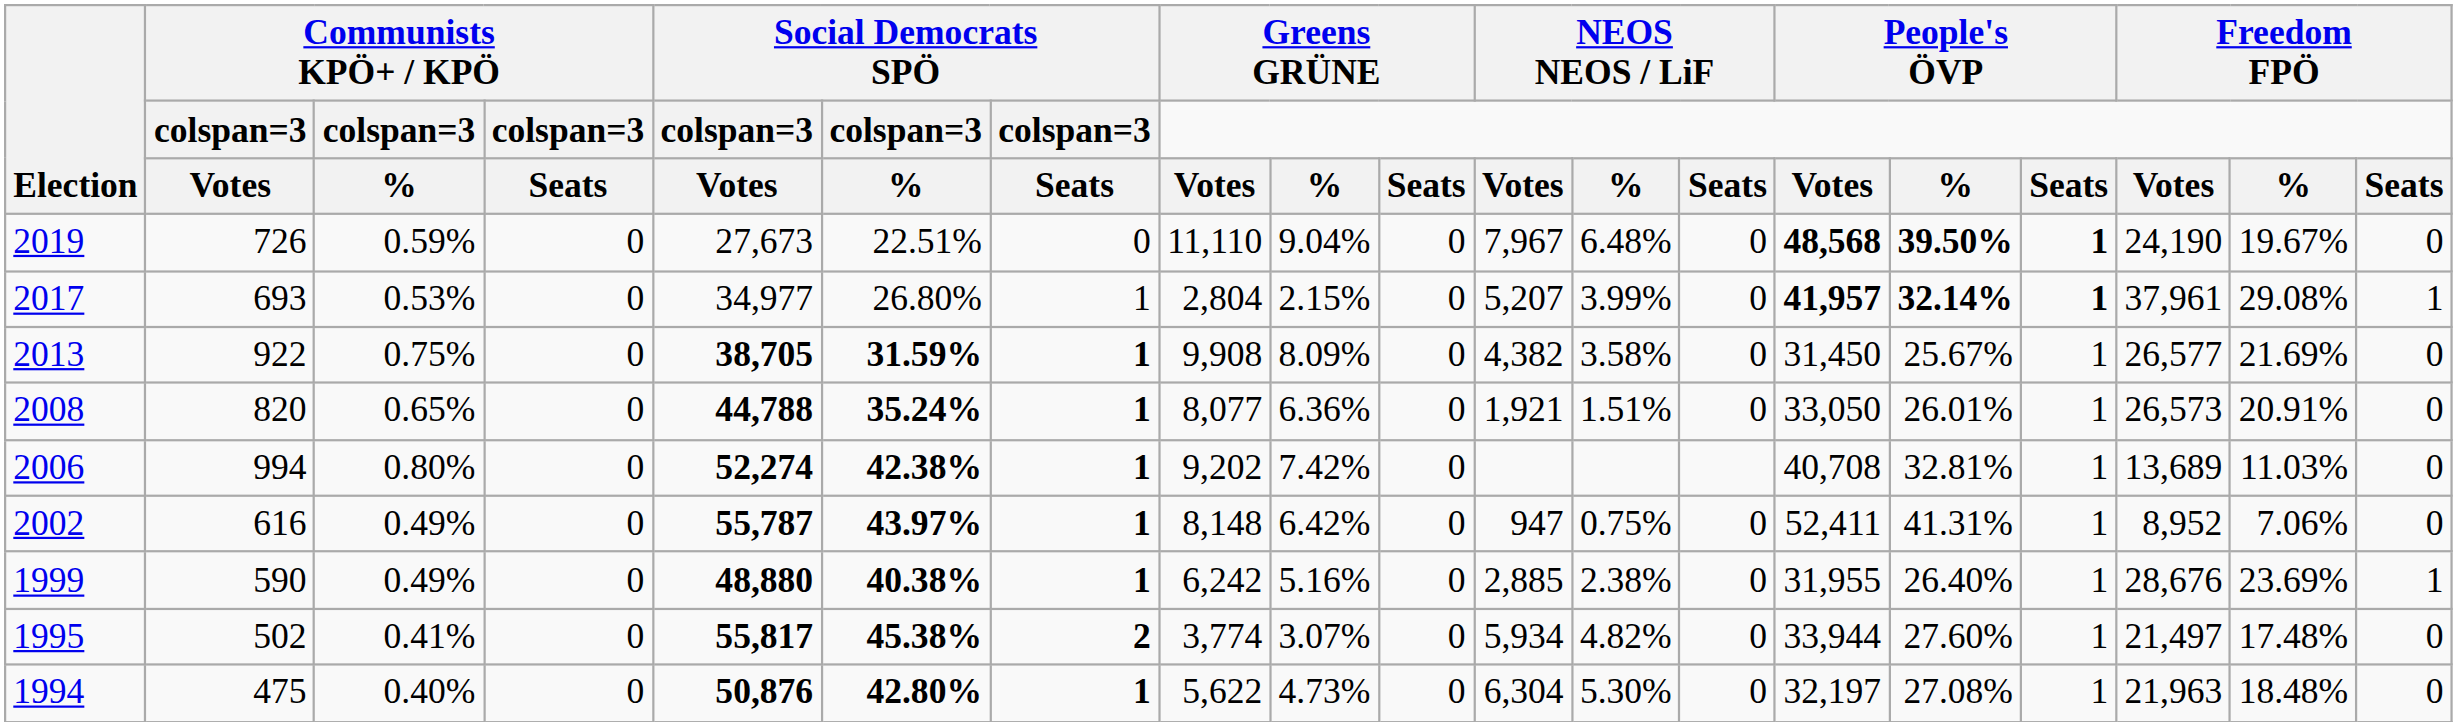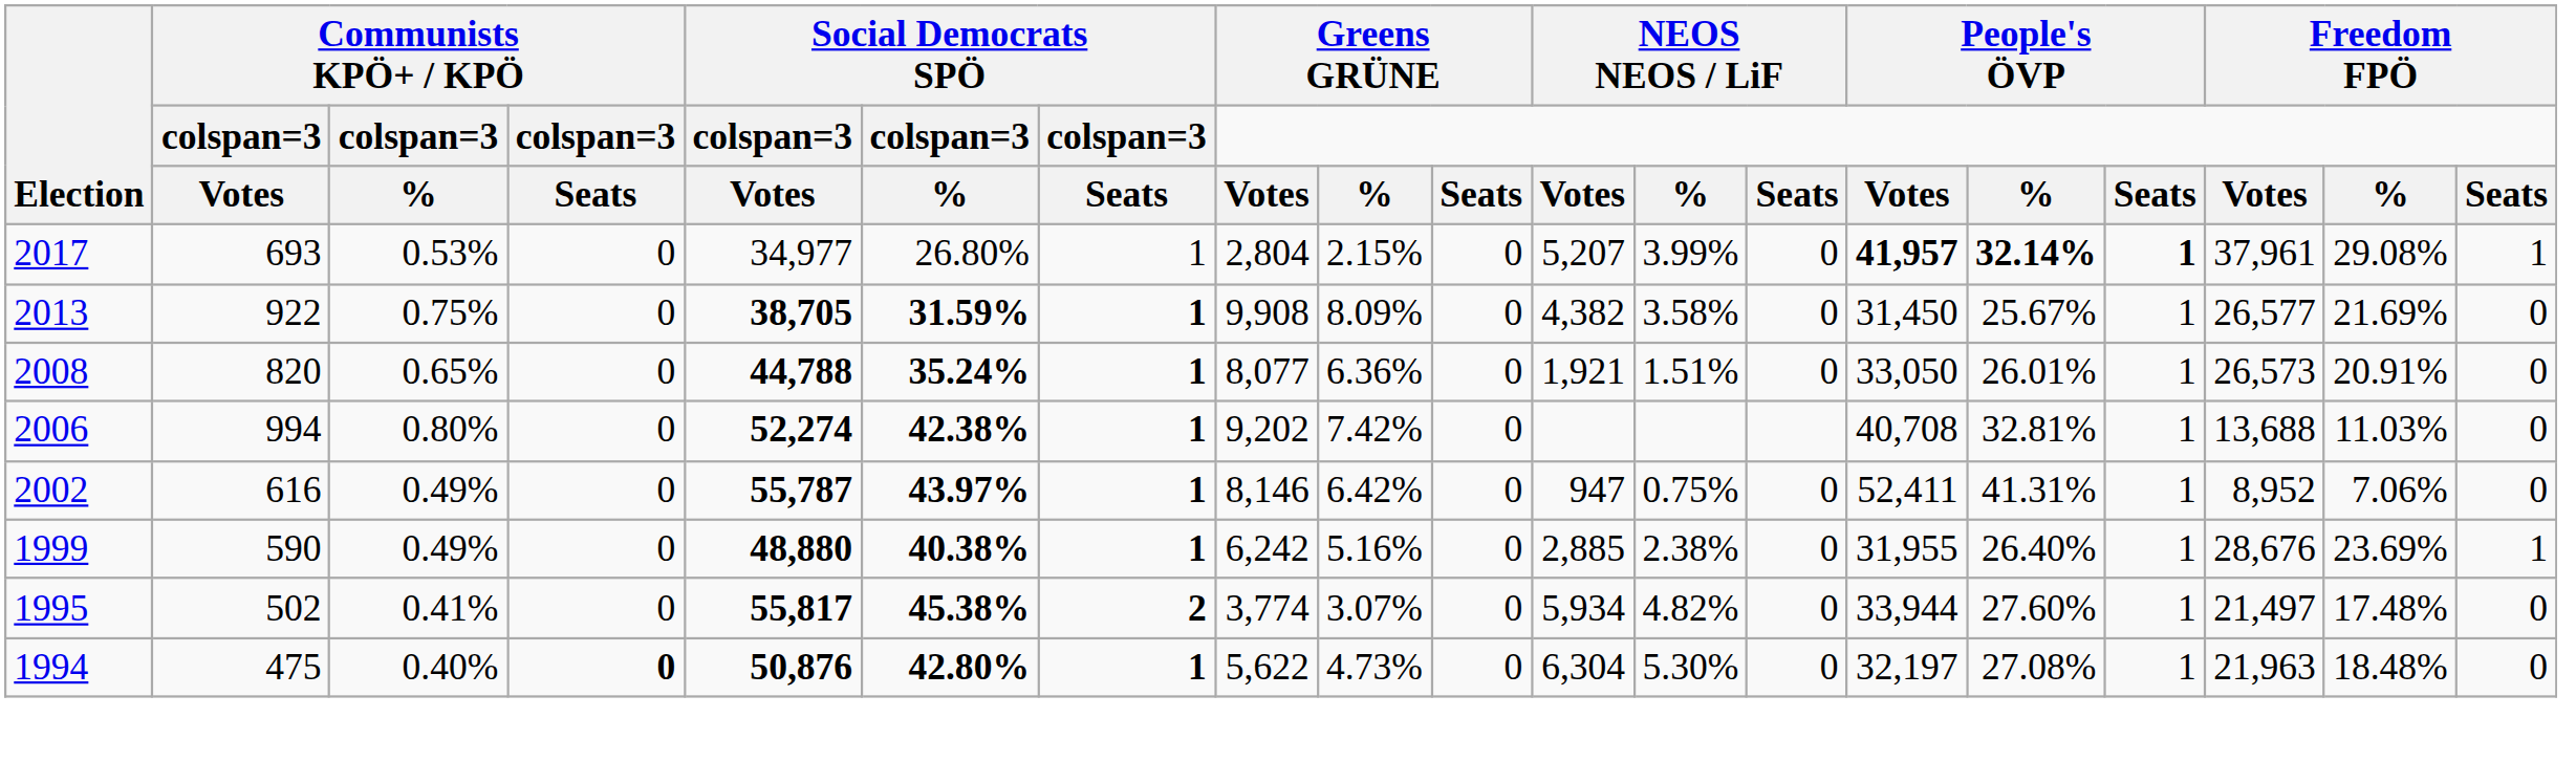 <table class="wikitable" border="1" style="font-size:100%; text-align:right;">
 <tr>
 <th style="text-align:left;" valign=bottom rowspan=3>Election</th>
 <th valign=bottom colspan=3><a href='#'>Communists</a><br>KPÖ+ / KPÖ</th>
 <th valign=bottom colspan=3><a href='#'>Social Democrats</a><br>SPÖ</th>
 <th valign=bottom colspan=3><a href='#'>Greens</a><br>GRÜNE</th>
 <th valign=bottom colspan=3><a href='#'>NEOS</a><br>NEOS / LiF</th>
 <th valign=bottom colspan=3><a href='#'>People's</a><br>ÖVP</th>
 <th valign=bottom colspan=3><a href='#'>Freedom</a><br>FPÖ</th>
 </tr>
 <tr>
 <th>colspan=3 </th>
 <th>colspan=3 </th>
 <th>colspan=3 </th>
 <th>colspan=3 </th>
 <th>colspan=3 </th>
 <th>colspan=3 </th>
 </tr>
 <tr>
 <th>Votes</th>
 <th>%</th>
 <th>Seats</th>
 <th>Votes</th>
 <th>%</th>
 <th>Seats</th>
 <th>Votes</th>
 <th>%</th>
 <th>Seats</th>
 <th>Votes</th>
 <th>%</th>
 <th>Seats</th>
 <th>Votes</th>
 <th>%</th>
 <th>Seats</th>
 <th>Votes</th>
 <th>%</th>
 <th>Seats</th>
-</tr>
-<tr>
-<td align=left><a href='#'>2019</a></td>
-<td>726</td>
-<td>0.59%</td>
-<td>0</td>
-<td>27,673</td>
-<td>22.51%</td>
-<td>0</td>
-<td>11,110</td>
-<td>9.04%</td>
-<td>0</td>
-<td>7,967</td>
-<td>6.48%</td>
-<td>0</td>
-<td><strong>48,568</strong></td>
-<td><strong>39.50%</strong></td>
-<td><strong>1</strong></td>
-<td>24,190</td>
-<td>19.67%</td>
-<td>0</td>
 </tr>
 <tr>
 <td align=left><a href='#'>2017</a></td>
 <td>693</td>
 <td>0.53%</td>
 <td>0</td>
 <td>34,977</td>
 <td>26.80%</td>
 <td>1</td>
 <td>2,804</td>
 <td>2.15%</td>
 <td>0</td>
 <td>5,207</td>
 <td>3.99%</td>
 <td>0</td>
 <td><strong>41,957</strong></td>
 <td><strong>32.14%</strong></td>
 <td><strong>1</strong></td>
 <td>37,961</td>
 <td>29.08%</td>
 <td>1</td>
 </tr>
 <tr>
 <td align=left><a href='#'>2013</a></td>
 <td>922</td>
 <td>0.75%</td>
 <td>0</td>
 <td><strong>38,705</strong></td>
 <td><strong>31.59%</strong></td>
 <td><strong>1</strong></td>
 <td>9,908</td>
 <td>8.09%</td>
 <td>0</td>
 <td>4,382</td>
 <td>3.58%</td>
 <td>0</td>
 <td>31,450</td>
 <td>25.67%</td>
 <td>1</td>
 <td>26,577</td>
 <td>21.69%</td>
 <td>0</td>
 </tr>
 <tr>
 <td align=left><a href='#'>2008</a></td>
 <td>820</td>
 <td>0.65%</td>
 <td>0</td>
 <td><strong>44,788</strong></td>
 <td><strong>35.24%</strong></td>
 <td><strong>1</strong></td>
 <td>8,077</td>
 <td>6.36%</td>
 <td>0</td>
 <td>1,921</td>
 <td>1.51%</td>
 <td>0</td>
 <td>33,050</td>
 <td>26.01%</td>
 <td>1</td>
 <td>26,573</td>
 <td>20.91%</td>
 <td>0</td>
 </tr>
 <tr>
 <td align=left><a href='#'>2006</a></td>
 <td>994</td>
 <td>0.80%</td>
 <td>0</td>
 <td><strong>52,274</strong></td>
 <td><strong>42.38%</strong></td>
 <td><strong>1</strong></td>
 <td>9,202</td>
 <td>7.42%</td>
 <td>0</td>
 <td></td>
 <td></td>
 <td></td>
 <td>40,708</td>
 <td>32.81%</td>
 <td>1</td>
-<td>13,689</td>
+<td>13,688</td>
 <td>11.03%</td>
 <td>0</td>
 </tr>
 <tr>
 <td align=left><a href='#'>2002</a></td>
 <td>616</td>
 <td>0.49%</td>
 <td>0</td>
 <td><strong>55,787</strong></td>
 <td><strong>43.97%</strong></td>
 <td><strong>1</strong></td>
-<td>8,148</td>
+<td>8,146</td>
 <td>6.42%</td>
 <td>0</td>
 <td>947</td>
 <td>0.75%</td>
 <td>0</td>
 <td>52,411</td>
 <td>41.31%</td>
 <td>1</td>
 <td>8,952</td>
 <td>7.06%</td>
 <td>0</td>
 </tr>
 <tr>
 <td align=left><a href='#'>1999</a></td>
 <td>590</td>
 <td>0.49%</td>
 <td>0</td>
 <td><strong>48,880</strong></td>
 <td><strong>40.38%</strong></td>
 <td><strong>1</strong></td>
 <td>6,242</td>
 <td>5.16%</td>
 <td>0</td>
 <td>2,885</td>
 <td>2.38%</td>
 <td>0</td>
 <td>31,955</td>
 <td>26.40%</td>
 <td>1</td>
 <td>28,676</td>
 <td>23.69%</td>
 <td>1</td>
 </tr>
 <tr>
 <td align=left><a href='#'>1995</a></td>
 <td>502</td>
 <td>0.41%</td>
 <td>0</td>
 <td><strong>55,817</strong></td>
 <td><strong>45.38%</strong></td>
 <td><strong>2</strong></td>
 <td>3,774</td>
 <td>3.07%</td>
 <td>0</td>
 <td>5,934</td>
 <td>4.82%</td>
 <td>0</td>
 <td>33,944</td>
 <td>27.60%</td>
 <td>1</td>
 <td>21,497</td>
 <td>17.48%</td>
 <td>0</td>
 </tr>
 <tr>
 <td align=left><a href='#'>1994</a></td>
 <td>475</td>
 <td>0.40%</td>
-<td>0</td>
+<td><strong>0</strong></td>
 <td><strong>50,876</strong></td>
 <td><strong>42.80%</strong></td>
 <td><strong>1</strong></td>
 <td>5,622</td>
 <td>4.73%</td>
 <td>0</td>
 <td>6,304</td>
 <td>5.30%</td>
 <td>0</td>
 <td>32,197</td>
 <td>27.08%</td>
 <td>1</td>
 <td>21,963</td>
 <td>18.48%</td>
 <td>0</td>
 </tr>
 </table>
